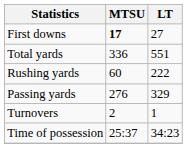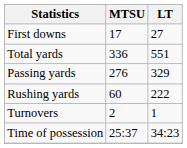 <table class="wikitable">
 <tr>
 <th>Statistics</th>
 <th>MTSU</th>
 <th>LT</th>
 </tr>
 <tr>
 <td>First downs</td>
-<td><strong>17</strong></td>
+<td>17</td>
 <td>27</td>
 </tr>
 <tr>
 <td>Total yards</td>
 <td>336</td>
 <td>551</td>
 </tr>
 <tr>
+<td>Passing yards</td>
+<td>276</td>
+<td>329</td>
+</tr>
+<tr>
 <td>Rushing yards</td>
 <td>60</td>
 <td>222</td>
-</tr>
-<tr>
-<td>Passing yards</td>
-<td>276</td>
-<td>329</td>
 </tr>
 <tr>
 <td>Turnovers</td>
 <td>2</td>
 <td>1</td>
 </tr>
 <tr>
 <td>Time of possession</td>
 <td>25:37</td>
 <td>34:23</td>
 </tr>
 <tr>
 </tr>
 </table>
